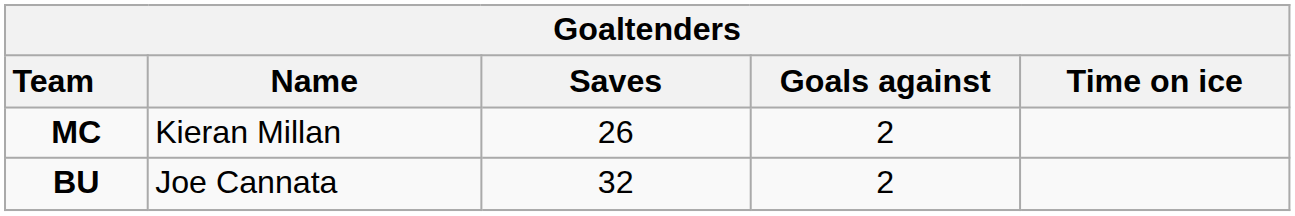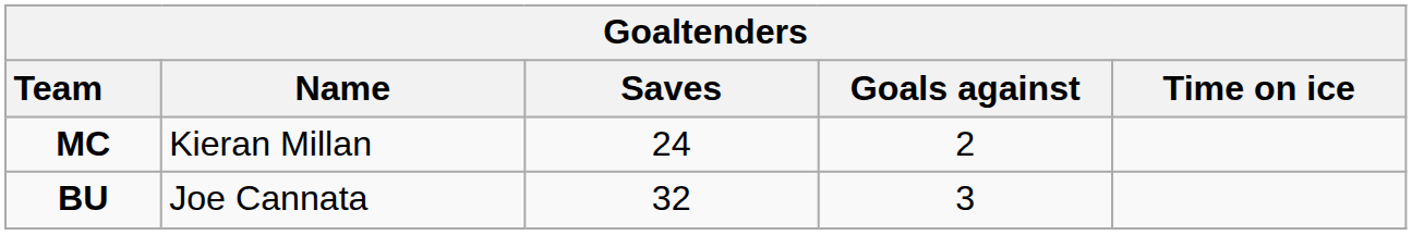 <table class="wikitable" style="width:40em; text-align:right;">
 <tr>
 <th colspan=5>Goaltenders</th>
 </tr>
 <tr>
 <th style="width:4em; text-align:left;">Team</th>
 <th style="width:10em;">Name</th>
 <th style="width:8em;">Saves</th>
 <th style="width:8em;">Goals against</th>
 <th style="width:8em;">Time on ice</th>
 </tr>
 <tr>
 <td align=center><strong>MC</strong></td>
 <td style="text-align:left;">Kieran Millan</td>
-<td align=center>26</td>
+<td align=center>24</td>
 <td align=center>2</td>
 <td align=center></td>
 </tr>
 <tr>
 <td align=center><strong>BU</strong></td>
 <td style="text-align:left;">Joe Cannata</td>
 <td align=center>32</td>
-<td align=center>2</td>
+<td align=center>3</td>
 <td align=center></td>
 </tr>
 </table>
